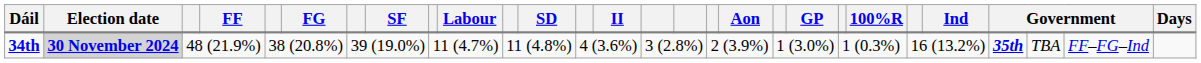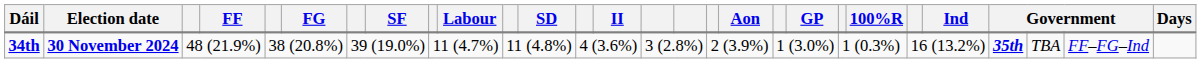 <table class="wikitable" style="font-size:95%;">
 <tr style="text-align: center; background: #efefefefefef; border-bottom: 2px solid gray;">
 <th>Dáil</th>
 <th>Election date</th>
 <th style="background-color: "></th>
 <th><a href='#'>FF</a></th>
 <th style="background-color: "></th>
 <th><a href='#'>FG</a></th>
 <th style="background-color: "></th>
 <th><a href='#'>SF</a></th>
 <th style="background-color: "></th>
 <th><a href='#'>Labour</a></th>
 <th style="background-color: "></th>
 <th><a href='#'>SD</a></th>
 <th style="background-color: "></th>
 <th><a href='#'>II</a></th>
 <th style="background-color: "></th>
 <th></th>
 <th style="background-color: "></th>
 <th><a href='#'>Aon</a></th>
 <th style="background-color: "></th>
 <th><a href='#'>GP</a></th>
 <th style="background-color: "></th>
 <th><a href='#'>100%R</a></th>
 <th style="background-color: "></th>
 <th><a href='#'>Ind</a></th>
 <th colspan=3>Government</th>
 <th>Days</th>
 </tr>
 <tr style="line-height:16px;">
 <td><strong><a href='#'>34th</a></strong></td>
-<td style="background: lightgrey;"><strong><a href='#'>30 November 2024</a></strong></td>
+<td><strong><a href='#'>30 November 2024</a></strong></td>
 <td colspan=2>48 (21.9%)</td>
 <td colspan=2>38 (20.8%)</td>
 <td colspan=2>39 (19.0%)</td>
 <td colspan=2>11 (4.7%)</td>
 <td colspan=2>11 (4.8%)</td>
 <td colspan=2>4 (3.6%)</td>
 <td colspan=2>3 (2.8%)</td>
 <td colspan=2>2 (3.9%)</td>
 <td colspan=2>1 (3.0%)</td>
 <td colspan=2>1 (0.3%)</td>
 <td colspan=2>16 (13.2%)</td>
 <td><a href='#'><strong><em>35th</em></strong></a></td>
 <td><em>TBA</em></td>
 <td><em><a href='#'>FF</a>–<a href='#'>FG</a>–<a href='#'>Ind</a></em></td>
 <td></td>
 </tr>
 </table>
